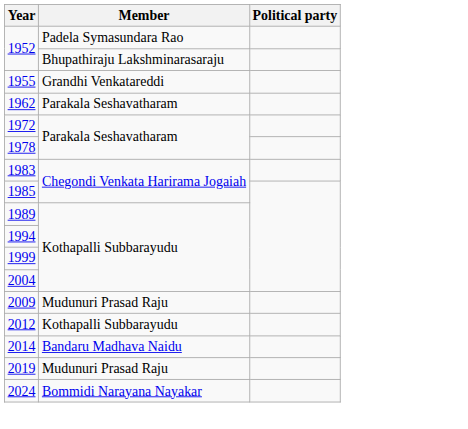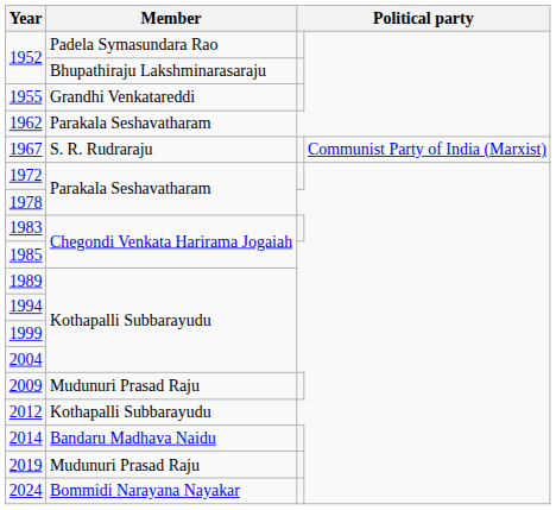 <table class="wikitable sortable">
 <tr>
 <th>Year</th>
 <th>Member</th>
 <th colspan="2">Political party</th>
 </tr>
 <tr>
 <td rowspan=2><a href='#'>1952</a></td>
 <td>Padela Symasundara Rao</td>
 <td></td>
 </tr>
 <tr>
 <td>Bhupathiraju Lakshminarasaraju</td>
 <td></td>
 </tr>
 <tr>
 <td><a href='#'>1955</a></td>
 <td>Grandhi Venkatareddi</td>
 <td></td>
 </tr>
 <tr>
 <td><a href='#'>1962</a></td>
 <td>Parakala Seshavatharam</td>
+</tr>
+<tr>
+<td><a href='#'>1967</a></td>
+<td>S. R. Rudraraju</td>
+<td style="background-color: "></td>
+<td><a href='#'>Communist Party of India (Marxist)</a></td>
 </tr>
 <tr>
 <td><a href='#'>1972</a></td>
 <td rowspan=2>Parakala Seshavatharam</td>
 <td></td>
 </tr>
 <tr>
 <td><a href='#'>1978</a></td>
 </tr>
 <tr>
 <td><a href='#'>1983</a></td>
 <td rowspan=2><a href='#'>Chegondi Venkata Harirama Jogaiah</a></td>
 <td></td>
 </tr>
 <tr>
 <td><a href='#'>1985</a></td>
 </tr>
 <tr>
 <td><a href='#'>1989</a></td>
 <td rowspan=4>Kothapalli Subbarayudu</td>
 </tr>
 <tr>
 <td><a href='#'>1994</a></td>
 </tr>
 <tr>
 <td><a href='#'>1999</a></td>
 </tr>
 <tr>
 <td><a href='#'>2004</a></td>
 </tr>
 <tr>
 <td><a href='#'>2009</a></td>
 <td>Mudunuri Prasad Raju</td>
 <td></td>
 </tr>
 <tr>
 <td><a href='#'>2012</a></td>
 <td>Kothapalli Subbarayudu</td>
 </tr>
 <tr>
 <td><a href='#'>2014</a></td>
 <td><a href='#'>Bandaru Madhava Naidu</a></td>
 <td></td>
 </tr>
 <tr>
 <td><a href='#'>2019</a></td>
 <td>Mudunuri Prasad Raju</td>
 <td></td>
 </tr>
 <tr>
 <td><a href='#'>2024</a></td>
 <td><a href='#'>Bommidi Narayana Nayakar</a></td>
 <td></td>
 </tr>
 </table>
